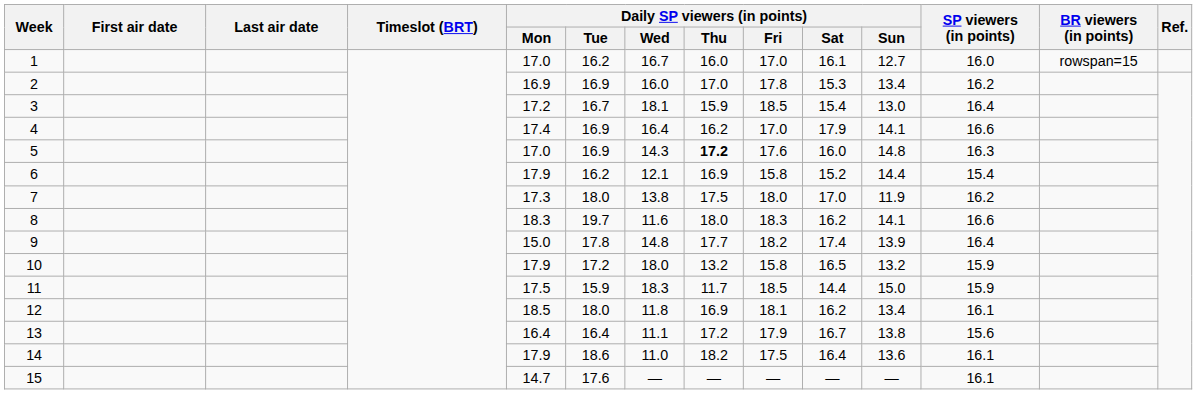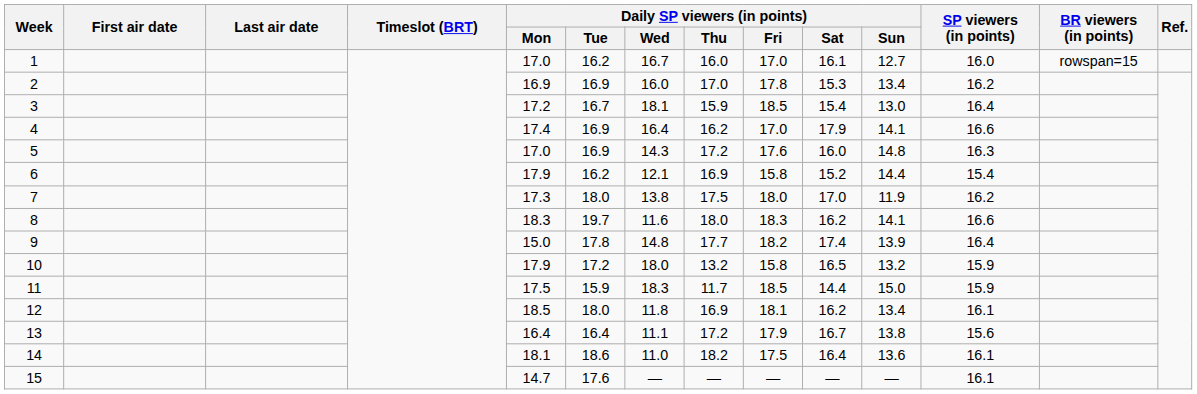 <table class="wikitable sortable" style="text-align:center; font-size:95%; width: 100%">
 <tr>
 <th rowspan=2 width="05.0%">Week</th>
 <th rowspan=2 width="12.0%">First air date</th>
 <th rowspan=2 width="12.0%">Last air date</th>
 <th rowspan=2 width="13.5%">Timeslot (<a href='#'>BRT</a>)</th>
 <th colspan=7 width="35.0%">Daily <a href='#'>SP</a> viewers (in points)</th>
 <th rowspan=2 width="10.0%"><a href='#'>SP</a> viewers<br>(in points)</th>
 <th rowspan=2 width="10.0%"><a href='#'>BR</a> viewers<br>(in points)</th>
 <th rowspan=2 width="05.0%">Ref.</th>
 </tr>
 <tr>
 <th width="05%">Mon</th>
 <th width="05%">Tue</th>
 <th width="05%">Wed</th>
 <th width="05%">Thu</th>
 <th width="05%">Fri</th>
 <th width="05%">Sat</th>
 <th width="05%">Sun</th>
 </tr>
 <tr>
 <td>1</td>
 <td></td>
 <td></td>
 <td rowspan=15></td>
 <td>17.0</td>
 <td>16.2</td>
 <td>16.7</td>
 <td>16.0</td>
 <td>17.0</td>
 <td>16.1</td>
 <td>12.7</td>
 <td>16.0</td>
 <td>rowspan=15 </td>
 <td></td>
 </tr>
 <tr>
 <td>2</td>
 <td></td>
 <td></td>
 <td>16.9</td>
 <td>16.9</td>
 <td>16.0</td>
 <td>17.0</td>
 <td>17.8</td>
 <td>15.3</td>
 <td>13.4</td>
 <td>16.2</td>
 <td></td>
 </tr>
 <tr>
 <td>3</td>
 <td></td>
 <td></td>
 <td>17.2</td>
 <td>16.7</td>
 <td>18.1</td>
 <td>15.9</td>
 <td>18.5</td>
 <td>15.4</td>
 <td>13.0</td>
 <td>16.4</td>
 <td></td>
 </tr>
 <tr>
 <td>4</td>
 <td></td>
 <td></td>
 <td>17.4</td>
 <td>16.9</td>
 <td>16.4</td>
 <td>16.2</td>
 <td>17.0</td>
 <td>17.9</td>
 <td>14.1</td>
 <td>16.6</td>
 <td></td>
 </tr>
 <tr>
 <td>5</td>
 <td></td>
 <td></td>
 <td>17.0</td>
 <td>16.9</td>
 <td>14.3</td>
-<td><strong>17.2</strong></td>
+<td>17.2</td>
 <td>17.6</td>
 <td>16.0</td>
 <td>14.8</td>
 <td>16.3</td>
 <td></td>
 </tr>
 <tr>
 <td>6</td>
 <td></td>
 <td></td>
 <td>17.9</td>
 <td>16.2</td>
 <td>12.1</td>
 <td>16.9</td>
 <td>15.8</td>
 <td>15.2</td>
 <td>14.4</td>
 <td>15.4</td>
 <td></td>
 </tr>
 <tr>
 <td>7</td>
 <td></td>
 <td></td>
 <td>17.3</td>
 <td>18.0</td>
 <td>13.8</td>
 <td>17.5</td>
 <td>18.0</td>
 <td>17.0</td>
 <td>11.9</td>
 <td>16.2</td>
 <td></td>
 </tr>
 <tr>
 <td>8</td>
 <td></td>
 <td></td>
 <td>18.3</td>
 <td>19.7</td>
 <td>11.6</td>
 <td>18.0</td>
 <td>18.3</td>
 <td>16.2</td>
 <td>14.1</td>
 <td>16.6</td>
 <td></td>
 </tr>
 <tr>
 <td>9</td>
 <td></td>
 <td></td>
 <td>15.0</td>
 <td>17.8</td>
 <td>14.8</td>
 <td>17.7</td>
 <td>18.2</td>
 <td>17.4</td>
 <td>13.9</td>
 <td>16.4</td>
 <td></td>
 </tr>
 <tr>
 <td>10</td>
 <td></td>
 <td></td>
 <td>17.9</td>
 <td>17.2</td>
 <td>18.0</td>
 <td>13.2</td>
 <td>15.8</td>
 <td>16.5</td>
 <td>13.2</td>
 <td>15.9</td>
 <td></td>
 </tr>
 <tr>
 <td>11</td>
 <td></td>
 <td></td>
 <td>17.5</td>
 <td>15.9</td>
 <td>18.3</td>
 <td>11.7</td>
 <td>18.5</td>
 <td>14.4</td>
 <td>15.0</td>
 <td>15.9</td>
 <td></td>
 </tr>
 <tr>
 <td>12</td>
 <td></td>
 <td></td>
 <td>18.5</td>
 <td>18.0</td>
 <td>11.8</td>
 <td>16.9</td>
 <td>18.1</td>
 <td>16.2</td>
 <td>13.4</td>
 <td>16.1</td>
 <td></td>
 </tr>
 <tr>
 <td>13</td>
 <td></td>
 <td></td>
 <td>16.4</td>
 <td>16.4</td>
 <td>11.1</td>
 <td>17.2</td>
 <td>17.9</td>
 <td>16.7</td>
 <td>13.8</td>
 <td>15.6</td>
 <td></td>
 </tr>
 <tr>
 <td>14</td>
 <td></td>
 <td></td>
-<td>17.9</td>
+<td>18.1</td>
 <td>18.6</td>
 <td>11.0</td>
 <td>18.2</td>
 <td>17.5</td>
 <td>16.4</td>
 <td>13.6</td>
 <td>16.1</td>
 <td></td>
 </tr>
 <tr>
 <td>15</td>
 <td></td>
 <td></td>
 <td>14.7</td>
 <td>17.6</td>
 <td>—</td>
 <td>—</td>
 <td>—</td>
 <td>—</td>
 <td>—</td>
 <td>16.1</td>
 <td></td>
 </tr>
 </table>
